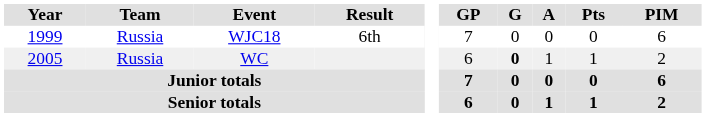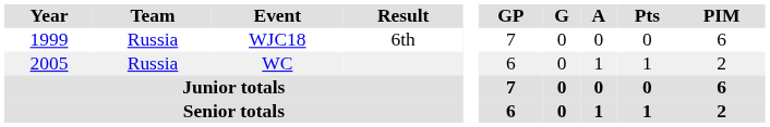 <table border="0" cellpadding="1" cellspacing="0" style="text-align:center; width:40em">
 <tr ALIGN="center" bgcolor="#e0e0e0">
 <th>Year</th>
 <th>Team</th>
 <th>Event</th>
 <th>Result</th>
 <th rowspan="99" bgcolor="#ffffff"> </th>
 <th>GP</th>
 <th>G</th>
 <th>A</th>
 <th>Pts</th>
 <th>PIM</th>
 </tr>
 <tr>
 <td><a href='#'>1999</a></td>
 <td><a href='#'>Russia</a></td>
 <td><a href='#'>WJC18</a></td>
 <td>6th</td>
 <td>7</td>
 <td>0</td>
 <td>0</td>
 <td>0</td>
 <td>6</td>
 </tr>
 <tr bgcolor="#f0f0f0">
 <td><a href='#'>2005</a></td>
 <td><a href='#'>Russia</a></td>
 <td><a href='#'>WC</a></td>
 <td></td>
 <td>6</td>
-<td><strong>0</strong></td>
+<td>0</td>
 <td>1</td>
 <td>1</td>
 <td>2</td>
 </tr>
 <tr bgcolor="#e0e0e0">
 <th colspan="4">Junior totals</th>
 <th>7</th>
 <th>0</th>
 <th>0</th>
 <th>0</th>
 <th>6</th>
 </tr>
 <tr bgcolor="#e0e0e0">
 <th colspan="4">Senior totals</th>
 <th>6</th>
 <th>0</th>
 <th>1</th>
 <th>1</th>
 <th>2</th>
 </tr>
 </table>
